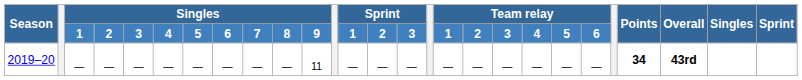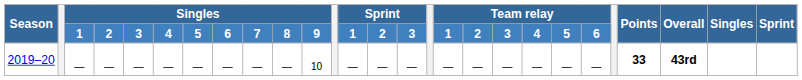 <table class="wikitable" style="font-size:95%; text-align:center; border:grey solid 1px; border-collapse:collapse; background:#ffffff;">
 <tr>
 <th rowspan="2" style="background-color:#369; color:white; width:60px">Season</th>
 <th rowspan="5" width="1px"></th>
 <th colspan="9" style="background-color:#369; color:white;">Singles</th>
 <th rowspan="5" width="1px"></th>
 <th colspan="3" style="background-color:#369; color:white;">Sprint</th>
 <th rowspan="5" width="1px"></th>
 <th colspan="6" style="background-color:#369; color:white;">Team relay</th>
 <th rowspan="5" width="1px"></th>
 <th rowspan="2" style="background-color:#369; color:white; width:40px">Points</th>
 <th rowspan="2" style="background-color:#369; color:white; width:40px">Overall</th>
 <th rowspan="2" style="background-color:#369; color:white; width:40px">Singles</th>
 <th rowspan="2" style="background-color:#369; color:white; width:40px">Sprint</th>
 </tr>
 <tr>
 <th style="background-color:#4180be; color:white; width:30px">1</th>
 <th style="background-color:#4180be; color:white; width:30px">2</th>
 <th style="background-color:#4180be; color:white; width:30px">3</th>
 <th style="background-color:#4180be; color:white; width:30px">4</th>
 <th style="background-color:#4180be; color:white; width:30px">5</th>
 <th style="background-color:#4180be; color:white; width:30px">6</th>
 <th style="background-color:#4180be; color:white; width:30px">7</th>
 <th style="background-color:#4180be; color:white; width:30px">8</th>
 <th style="background-color:#4180be; color:white; width:30px">9</th>
 <th style="background-color:#4180be; color:white; width:30px">1</th>
 <th style="background-color:#4180be; color:white; width:30px">2</th>
 <th style="background-color:#4180be; color:white; width:30px">3</th>
 <th style="background-color:#4180be; color:white; width:30px">1</th>
 <th style="background-color:#4180be; color:white; width:30px">2</th>
 <th style="background-color:#4180be; color:white; width:30px">3</th>
 <th style="background-color:#4180be; color:white; width:30px">4</th>
 <th style="background-color:#4180be; color:white; width:30px">5</th>
 <th style="background-color:#4180be; color:white; width:30px">6</th>
 </tr>
 <tr>
 <td><a href='#'>2019–20</a></td>
 <td><br><small>—</small></td>
 <td><br><small>—</small></td>
 <td><br><small>—</small></td>
 <td><br><small>—</small></td>
 <td><br><small>—</small></td>
 <td><br><small>—</small></td>
 <td><br><small>—</small></td>
 <td><br><small>—</small></td>
-<td><br><small>11</small></td>
+<td><br><small>10</small></td>
 <td><br><small>—</small></td>
 <td><br><small>—</small></td>
 <td><br><small>—</small></td>
 <td><br><small>—</small></td>
 <td><br><small>—</small></td>
 <td><br><small>—</small></td>
 <td><br><small>—</small></td>
 <td><br><small>—</small></td>
 <td><br><small>—</small></td>
-<td><strong>34</strong></td>
+<td><strong>33</strong></td>
 <td><strong>43rd</strong></td>
 <td></td>
 <td></td>
 </tr>
 </table>
